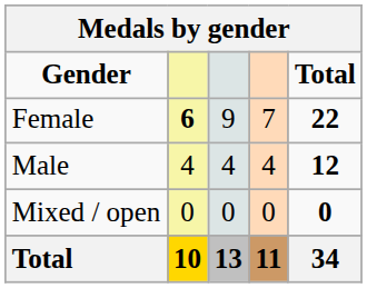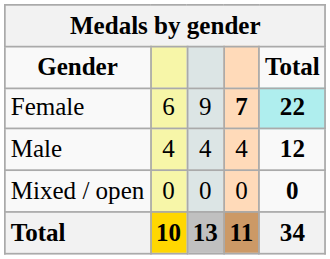 <table class="wikitable" style="text-align:center;font-size:90%">
 <tr style="background:#efefef;">
 <th colspan=7>Medals by gender</th>
 </tr>
 <tr>
 <td><strong>Gender</strong></td>
 <td bgcolor=#f7f6a8></td>
 <td bgcolor=#dce5e5></td>
 <td bgcolor=#ffdab9></td>
 <td><strong>Total</strong></td>
 </tr>
 <tr>
 <td style="text-align:left;">Female</td>
-<td style="background:#F7F6A8;"><strong>6</strong></td>
+<td style="background:#F7F6A8;">6</td>
 <td style="background:#DCE5E5;">9</td>
-<td style="background:#FFDAB9;">7</td>
-<td><strong>22</strong></td>
+<td style="background:#FFDAB9;"><strong>7</strong></td>
+<td style="background: paleturquoise;"><strong>22</strong></td>
 </tr>
 <tr>
 <td style="text-align:left;">Male</td>
 <td style="background:#F7F6A8;">4</td>
 <td style="background:#DCE5E5;">4</td>
 <td style="background:#FFDAB9;">4</td>
 <td><strong>12</strong></td>
 </tr>
 <tr>
 <td style="text-align:left;">Mixed / open</td>
 <td style="background:#F7F6A8;">0</td>
 <td style="background:#DCE5E5;">0</td>
 <td style="background:#FFDAB9;">0</td>
 <td><strong>0</strong></td>
 </tr>
 <tr>
 <th style="text-align:left;">Total</th>
 <th style="background:gold;">10</th>
 <th style="background:silver;">13</th>
 <th style="background:#c96;">11</th>
 <th>34</th>
 </tr>
 </table>
